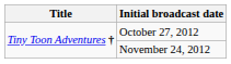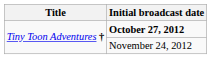 <table class="wikitable sortable">
 <tr>
 <th>Title</th>
 <th>Initial broadcast date</th>
 </tr>
 <tr>
 <td rowspan=2><em><a href='#'>Tiny Toon Adventures</a></em> <strong>†</strong></td>
-<td>October 27, 2012</td>
+<td><strong>October 27, 2012</strong></td>
 </tr>
 <tr>
 <td>November 24, 2012</td>
 </tr>
 </table>
